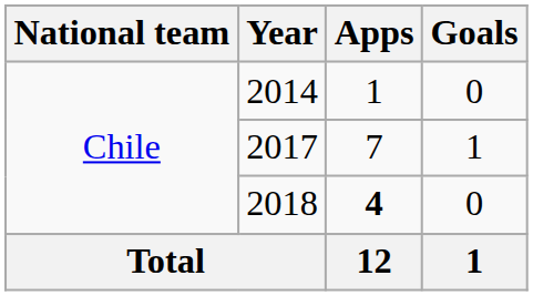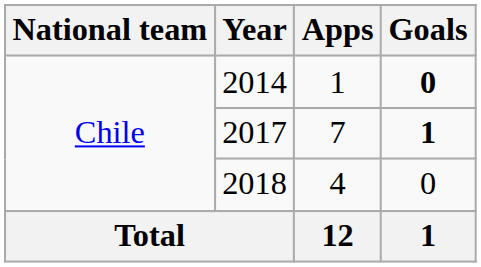 <table class="wikitable" style="text-align: center;">
 <tr>
 <th>National team</th>
 <th>Year</th>
 <th>Apps</th>
 <th>Goals</th>
 </tr>
 <tr>
 <td rowspan="3"><a href='#'>Chile</a></td>
 <td>2014</td>
 <td>1</td>
-<td>0</td>
+<td><strong>0</strong></td>
 </tr>
 <tr>
 <td>2017</td>
 <td>7</td>
-<td>1</td>
+<td><strong>1</strong></td>
 </tr>
 <tr>
 <td>2018</td>
-<td><strong>4</strong></td>
+<td>4</td>
 <td>0</td>
 </tr>
 <tr>
 <th colspan="2">Total</th>
 <th>12</th>
 <th>1</th>
 </tr>
 </table>
